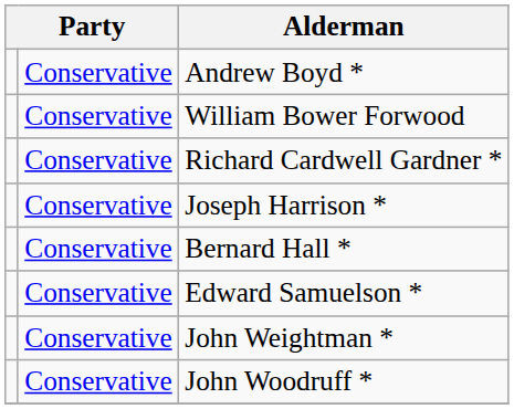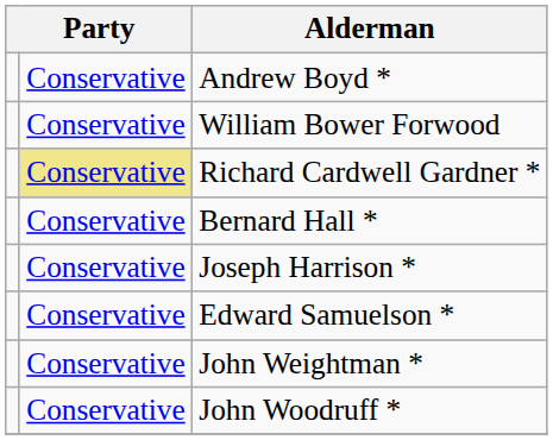 <table class="wikitable">
 <tr>
 <th colspan="2">Party</th>
 <th>Alderman</th>
 </tr>
 <tr>
 <td style="background-color:"></td>
 <td><a href='#'>Conservative</a></td>
 <td>Andrew Boyd *</td>
 </tr>
 <tr>
 <td style="background-color:"></td>
 <td><a href='#'>Conservative</a></td>
 <td>William Bower Forwood</td>
 </tr>
 <tr>
 <td style="background-color:"></td>
-<td><a href='#'>Conservative</a></td>
+<td style="background: khaki;"><a href='#'>Conservative</a></td>
 <td>Richard Cardwell Gardner *</td>
 </tr>
 <tr>
 <td style="background-color:"></td>
 <td><a href='#'>Conservative</a></td>
-<td>Joseph Harrison *</td>
+<td>Bernard Hall *</td>
 </tr>
 <tr>
 <td style="background-color:"></td>
 <td><a href='#'>Conservative</a></td>
-<td>Bernard Hall *</td>
+<td>Joseph Harrison *</td>
 </tr>
 <tr>
 <td style="background-color:"></td>
 <td><a href='#'>Conservative</a></td>
 <td>Edward Samuelson *</td>
 </tr>
 <tr>
 <td style="background-color:"></td>
 <td><a href='#'>Conservative</a></td>
 <td>John Weightman *</td>
 </tr>
 <tr>
 <td style="background-color:"></td>
 <td><a href='#'>Conservative</a></td>
 <td>John Woodruff *</td>
 </tr>
 <tr>
 </tr>
 </table>
